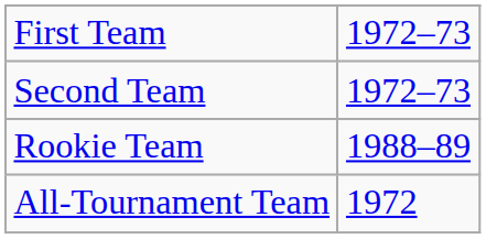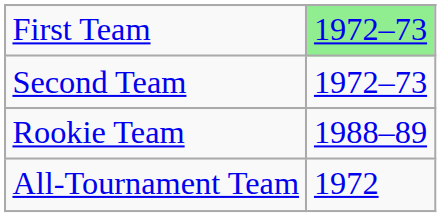 <table class="wikitable">
 <tr>
 </tr>
 <tr>
 <td><a href='#'>First Team</a></td>
-<td><a href='#'>1972–73</a></td>
+<td style="background: lightgreen;"><a href='#'>1972–73</a></td>
 </tr>
 <tr>
 <td><a href='#'>Second Team</a></td>
 <td><a href='#'>1972–73</a></td>
 </tr>
 <tr>
 <td><a href='#'>Rookie Team</a></td>
 <td><a href='#'>1988–89</a></td>
 </tr>
 <tr>
 <td><a href='#'>All-Tournament Team</a></td>
 <td><a href='#'>1972</a></td>
 </tr>
 </table>
